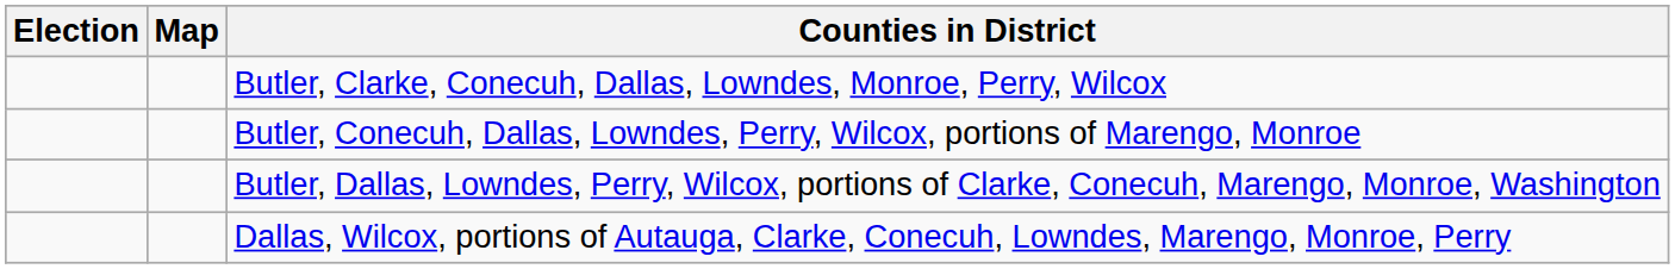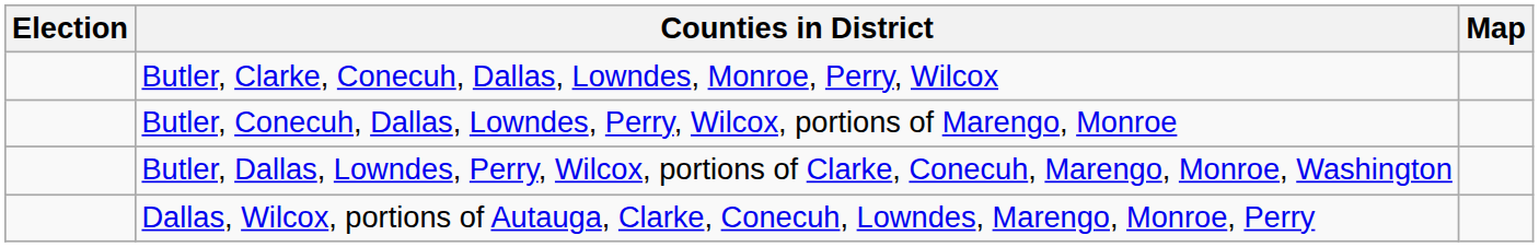 <table class="wikitable">
 <tr>
 <th>Election</th>
+<th>Counties in District</th>
 <th>Map</th>
-<th>Counties in District</th>
 </tr>
 <tr>
 <td></td>
+<td><a href='#'>Butler</a>, <a href='#'>Clarke</a>, <a href='#'>Conecuh</a>, <a href='#'>Dallas</a>, <a href='#'>Lowndes</a>, <a href='#'>Monroe</a>, <a href='#'>Perry</a>, <a href='#'>Wilcox</a></td>
 <td></td>
-<td><a href='#'>Butler</a>, <a href='#'>Clarke</a>, <a href='#'>Conecuh</a>, <a href='#'>Dallas</a>, <a href='#'>Lowndes</a>, <a href='#'>Monroe</a>, <a href='#'>Perry</a>, <a href='#'>Wilcox</a></td>
 </tr>
 <tr>
 <td></td>
+<td><a href='#'>Butler</a>, <a href='#'>Conecuh</a>, <a href='#'>Dallas</a>, <a href='#'>Lowndes</a>, <a href='#'>Perry</a>, <a href='#'>Wilcox</a>, portions of <a href='#'>Marengo</a>, <a href='#'>Monroe</a></td>
 <td></td>
-<td><a href='#'>Butler</a>, <a href='#'>Conecuh</a>, <a href='#'>Dallas</a>, <a href='#'>Lowndes</a>, <a href='#'>Perry</a>, <a href='#'>Wilcox</a>, portions of <a href='#'>Marengo</a>, <a href='#'>Monroe</a></td>
 </tr>
 <tr>
 <td></td>
+<td><a href='#'>Butler</a>, <a href='#'>Dallas</a>, <a href='#'>Lowndes</a>, <a href='#'>Perry</a>, <a href='#'>Wilcox</a>, portions of <a href='#'>Clarke</a>, <a href='#'>Conecuh</a>, <a href='#'>Marengo</a>, <a href='#'>Monroe</a>, <a href='#'>Washington</a></td>
 <td></td>
-<td><a href='#'>Butler</a>, <a href='#'>Dallas</a>, <a href='#'>Lowndes</a>, <a href='#'>Perry</a>, <a href='#'>Wilcox</a>, portions of <a href='#'>Clarke</a>, <a href='#'>Conecuh</a>, <a href='#'>Marengo</a>, <a href='#'>Monroe</a>, <a href='#'>Washington</a></td>
 </tr>
 <tr>
 <td></td>
+<td><a href='#'>Dallas</a>, <a href='#'>Wilcox</a>, portions of <a href='#'>Autauga</a>, <a href='#'>Clarke</a>, <a href='#'>Conecuh</a>, <a href='#'>Lowndes</a>, <a href='#'>Marengo</a>, <a href='#'>Monroe</a>, <a href='#'>Perry</a></td>
 <td></td>
-<td><a href='#'>Dallas</a>, <a href='#'>Wilcox</a>, portions of <a href='#'>Autauga</a>, <a href='#'>Clarke</a>, <a href='#'>Conecuh</a>, <a href='#'>Lowndes</a>, <a href='#'>Marengo</a>, <a href='#'>Monroe</a>, <a href='#'>Perry</a></td>
 </tr>
 </table>
